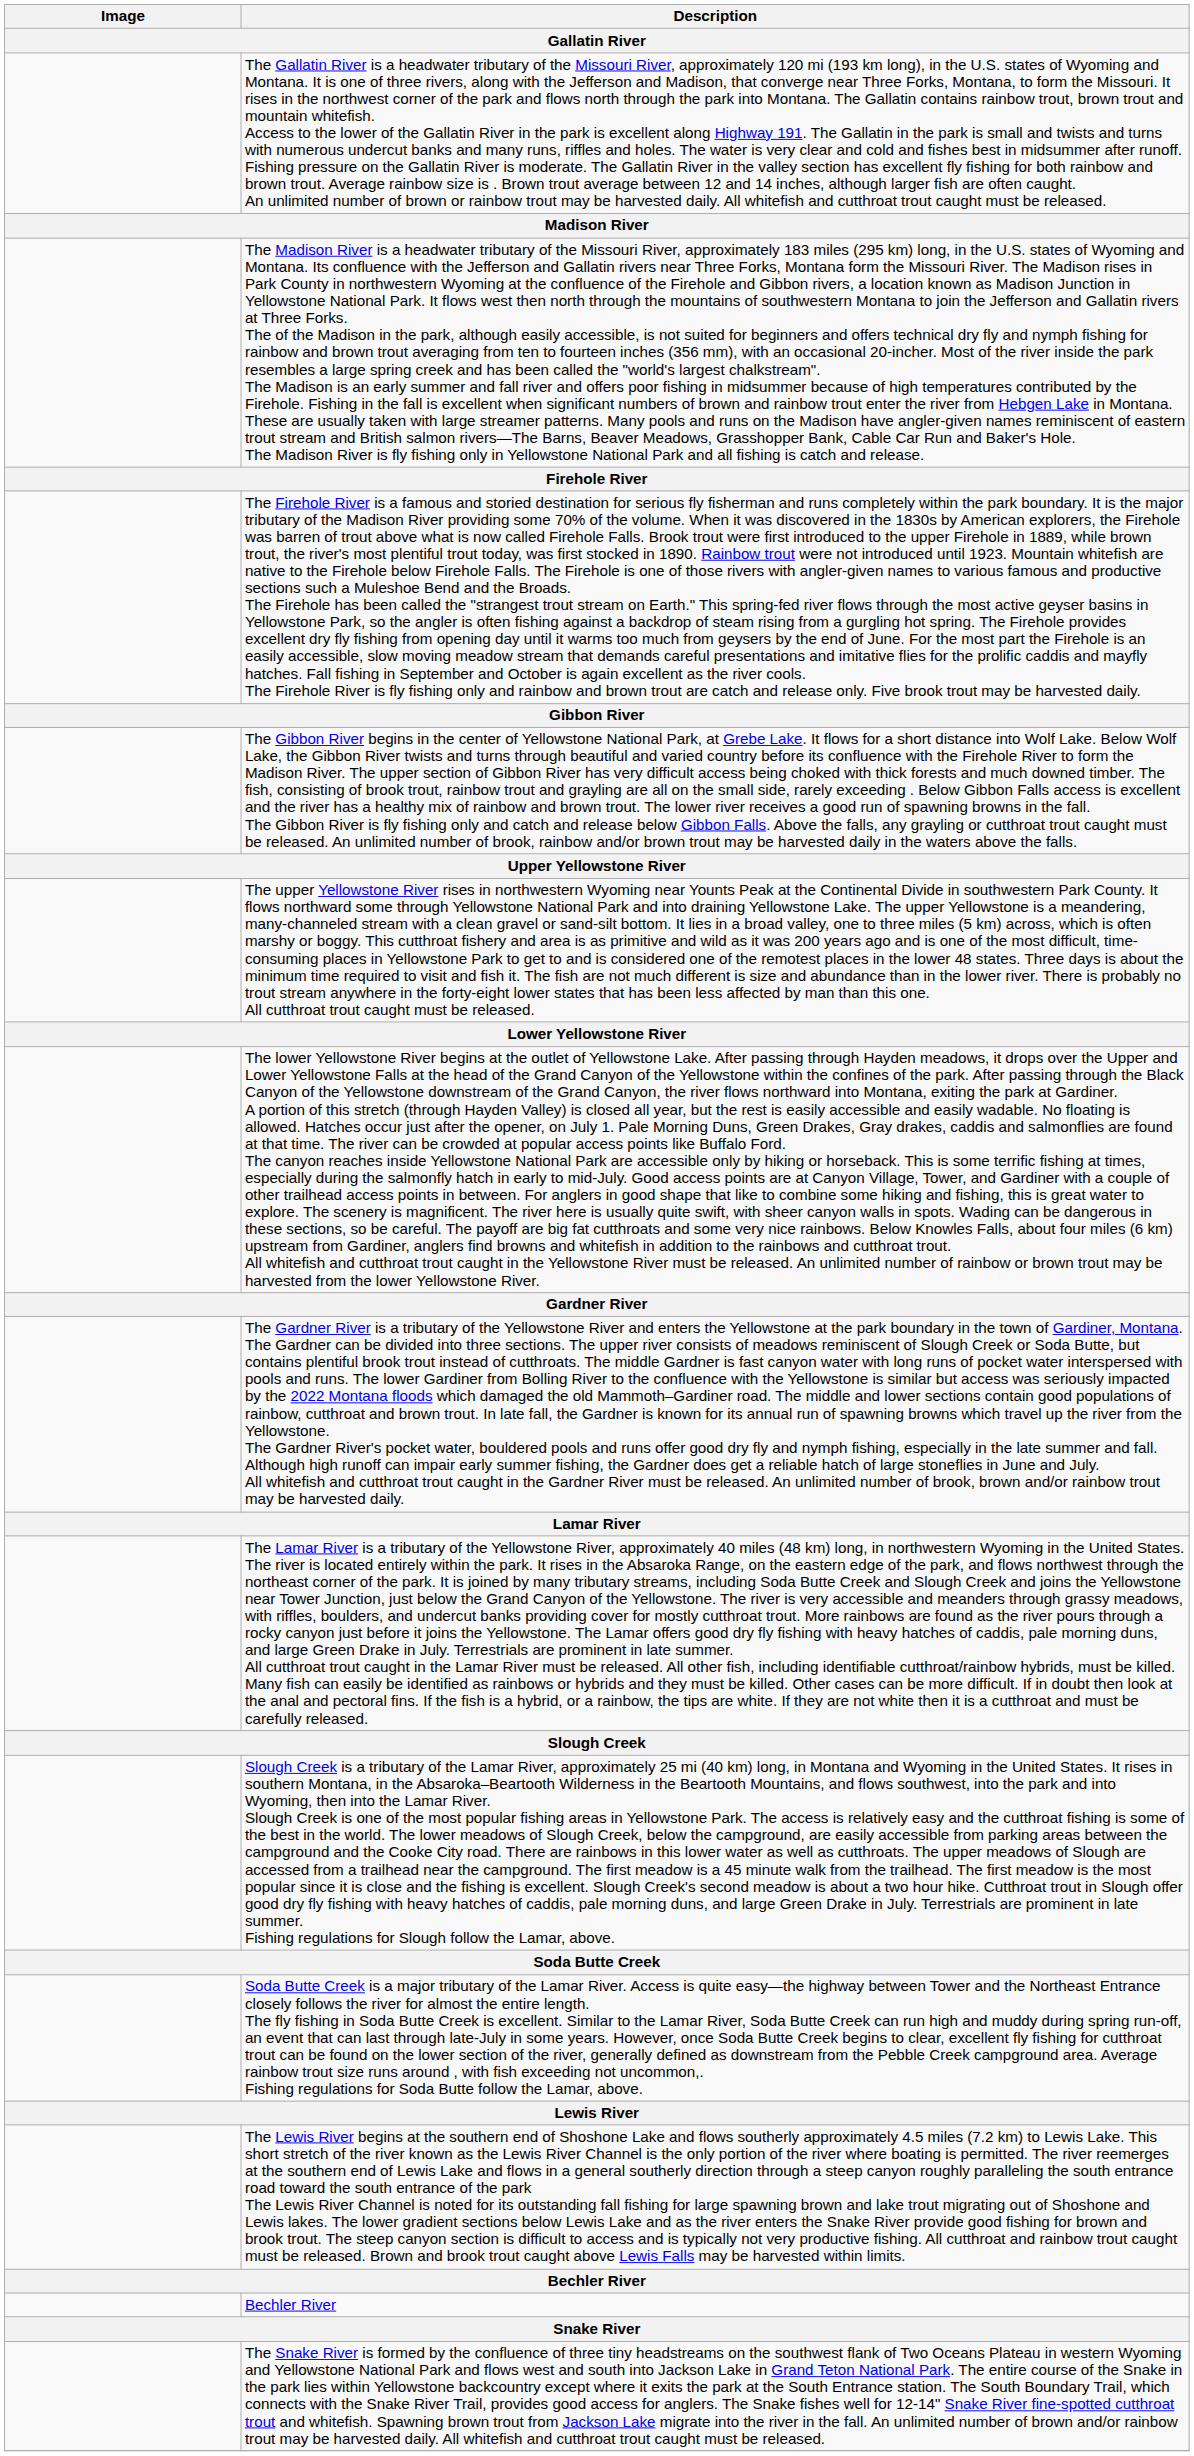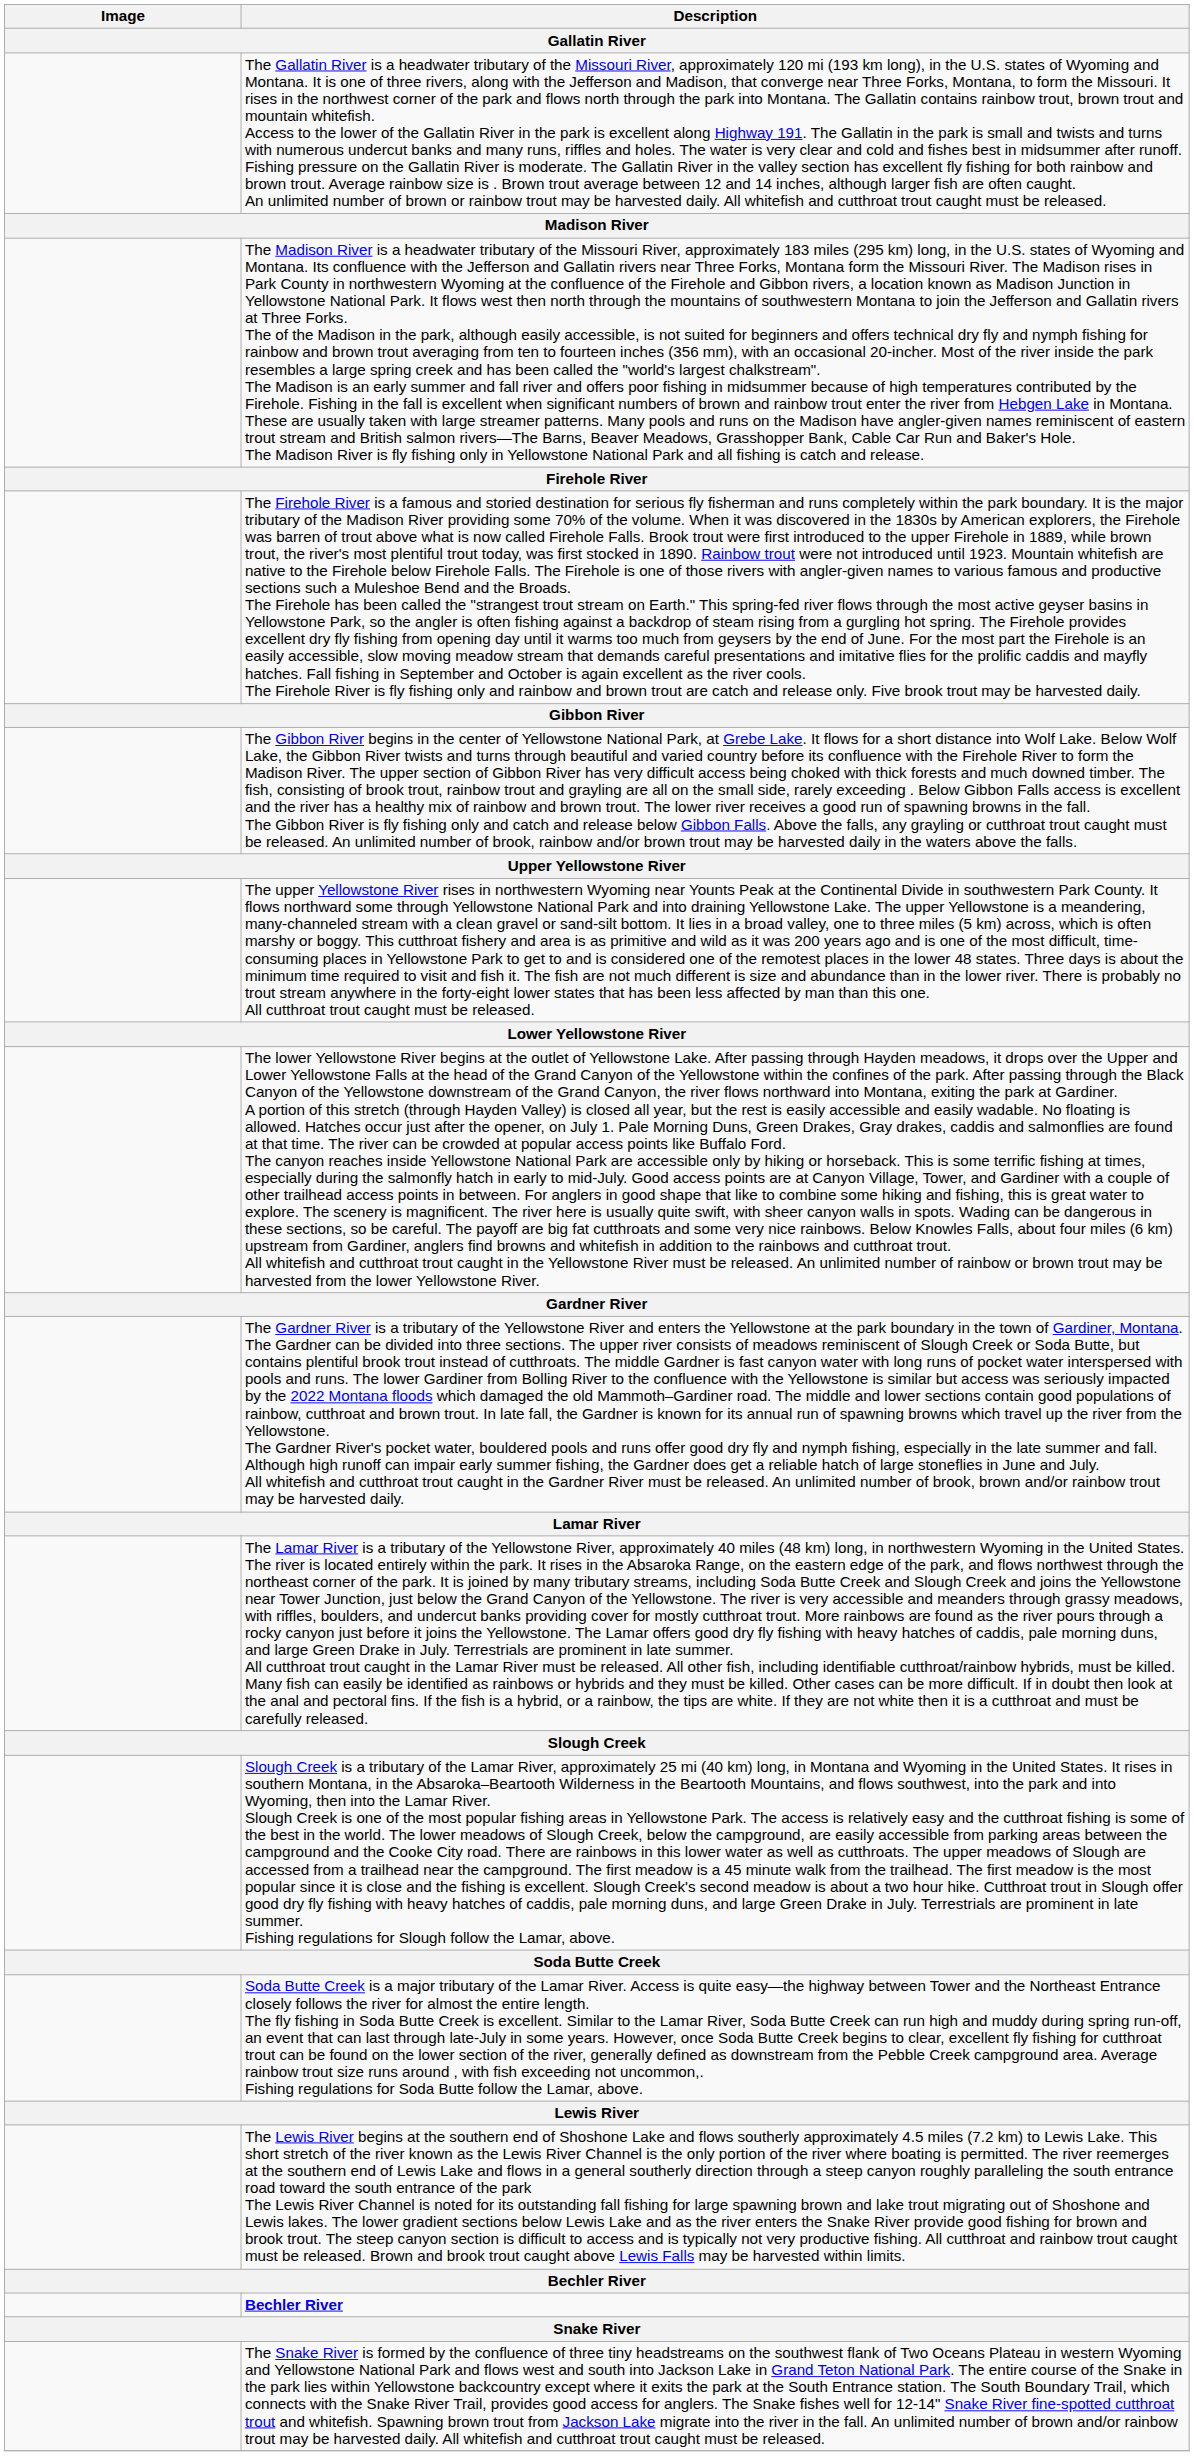 <table class="wikitable"|cellpadding="3">
 <tr>
 <th align="center" width=20%>Image</th>
 <th>Description</th>
 </tr>
 <tr>
 <th colspan=2>Gallatin River  </th>
 </tr>
 <tr>
 <td></td>
 <td>The <a href='#'>Gallatin River</a> is a headwater tributary of the <a href='#'>Missouri River</a>, approximately 120 mi (193 km long), in the U.S. states of Wyoming and Montana. It is one of three rivers, along with the Jefferson and Madison, that converge near Three Forks, Montana, to form the Missouri. It rises in the northwest corner of the park and flows  north through the park into Montana.  The Gallatin contains rainbow trout, brown trout and mountain whitefish.<br>Access to the lower  of the Gallatin River in the park is excellent along <a href='#'>Highway 191</a>. The Gallatin in the park is small and twists and turns with numerous undercut banks and many runs, riffles and holes. The water is very clear and cold and fishes best in midsummer after runoff. Fishing pressure on the Gallatin River is moderate. The Gallatin River in the valley section has excellent fly fishing for both rainbow and brown trout. Average rainbow size is . Brown trout average between 12 and 14 inches, although larger fish are often caught.<br>An unlimited number of brown or rainbow trout may be harvested daily. All whitefish and cutthroat trout caught must be released.</td>
 </tr>
 <tr>
 <th colspan=2>Madison River  </th>
 </tr>
 <tr>
 <td></td>
 <td>The <a href='#'>Madison River</a> is a headwater tributary of the Missouri River, approximately 183 miles (295 km) long, in the U.S. states of Wyoming and Montana. Its confluence with the Jefferson and Gallatin rivers near Three Forks, Montana form the Missouri River. The Madison rises in Park County in northwestern Wyoming at the confluence of the Firehole and Gibbon rivers, a location known as Madison Junction in Yellowstone National Park. It flows west then north through the mountains of southwestern Montana to join the Jefferson and Gallatin rivers at Three Forks.<br>The  of the Madison in the park, although easily accessible, is not suited for beginners and offers technical dry fly and nymph fishing for rainbow and brown trout averaging from ten to fourteen inches (356 mm), with an occasional 20-incher. Most of the river inside the park resembles a large spring creek and has been called the "world's largest chalkstream".<br>The Madison is an early summer and fall river and offers poor fishing in midsummer because of high temperatures contributed by the Firehole. Fishing in the fall is excellent when significant numbers of brown and rainbow trout enter the river from <a href='#'>Hebgen Lake</a> in Montana.  These are usually taken with large streamer patterns.  Many pools and runs on the Madison have angler-given names reminiscent of eastern trout stream and British salmon rivers—The Barns, Beaver Meadows, Grasshopper Bank, Cable Car Run and Baker's Hole.<br>The Madison River is fly fishing only in Yellowstone National Park and all fishing is catch and release.</td>
 </tr>
 <tr>
 <th colspan=2>Firehole River </th>
 </tr>
 <tr>
 <td></td>
 <td>The <a href='#'>Firehole River</a> is a famous and storied destination for serious fly fisherman and runs completely within the park boundary.  It is the major tributary of the Madison River providing some 70% of the volume.  When it was discovered in the 1830s by American explorers, the Firehole was barren of trout above what is now called Firehole Falls.  Brook trout were first introduced to the upper Firehole in 1889, while brown trout, the river's most plentiful trout today, was first stocked in 1890.  <a href='#'>Rainbow trout</a> were not introduced until 1923.  Mountain whitefish are native to the Firehole below Firehole Falls.  The Firehole is one of those rivers with angler-given names to various famous and productive sections such a Muleshoe Bend and the Broads.<br>The Firehole has been called the "strangest trout stream on Earth." This spring-fed river flows through the most active geyser basins in Yellowstone Park, so the angler is often fishing against a backdrop of steam rising from a gurgling hot spring. The Firehole provides excellent dry fly fishing from opening day until it warms too much from geysers by the end of June. For the most part the Firehole is an easily accessible, slow moving meadow stream that demands careful presentations and imitative flies for the prolific caddis and mayfly hatches. Fall fishing in September and October is again excellent as the river cools.<br>The Firehole River is fly fishing only and rainbow and brown trout are catch and release only. Five brook trout may be harvested daily.</td>
 </tr>
 <tr>
 <th colspan=2>Gibbon River  </th>
 </tr>
 <tr>
 <td></td>
 <td>The <a href='#'>Gibbon River</a> begins in the center of Yellowstone National Park, at <a href='#'>Grebe Lake</a>. It flows for a short distance into Wolf Lake. Below Wolf Lake, the Gibbon River twists and turns through beautiful and varied country before its confluence with the Firehole River to form the Madison River.  The upper section of Gibbon River has very difficult access being choked with thick forests and much downed timber. The fish, consisting of brook trout, rainbow trout and grayling are all on the small side, rarely exceeding . Below Gibbon Falls access is excellent and the river has a healthy mix of rainbow and brown trout. The lower river receives a good run of spawning browns in the fall.<br>The Gibbon River is fly fishing only and catch and release below <a href='#'>Gibbon Falls</a>. Above the falls, any grayling or cutthroat trout caught must be released. An unlimited number of brook, rainbow and/or brown trout may be harvested daily in the waters above the falls.</td>
 </tr>
 <tr>
 <th colspan=2>Upper Yellowstone River  </th>
 </tr>
 <tr>
 <td></td>
 <td>The upper <a href='#'>Yellowstone River</a> rises in northwestern Wyoming near Younts Peak at the Continental Divide in southwestern Park County. It flows northward some  through Yellowstone National Park and into draining Yellowstone Lake. The upper Yellowstone is a meandering, many-channeled stream with a clean gravel or sand-silt bottom. It lies in a broad valley, one to three miles (5 km) across, which is often marshy or boggy.  This cutthroat fishery and area is as primitive and wild as it was 200 years ago and is one of the most difficult, time-consuming places in Yellowstone Park to get to and is considered one of the remotest places in the lower 48 states.  Three days is about the minimum time required to visit and fish it. The fish are not much different is size and abundance than in the lower river. There is probably no trout stream anywhere in the forty-eight lower states that has been less affected by man than this one.<br>All cutthroat trout caught must be released.</td>
 </tr>
 <tr>
 <th colspan=2>Lower Yellowstone River  </th>
 </tr>
 <tr>
 <td></td>
 <td>The lower Yellowstone River begins at the outlet of Yellowstone Lake.  After passing through Hayden meadows, it drops over the Upper and Lower Yellowstone Falls at the head of the Grand Canyon of the Yellowstone within the confines of the park. After passing through the Black Canyon of the Yellowstone downstream of the Grand Canyon, the river flows northward into Montana, exiting the park at Gardiner.<br>A portion of this stretch (through Hayden Valley) is closed all year, but the rest is easily accessible and easily wadable. No floating is allowed. Hatches occur just after the opener, on July 1. Pale Morning Duns, Green Drakes, Gray drakes, caddis and salmonflies are found at that time. The river can be crowded at popular access points like Buffalo Ford.<br>The canyon reaches inside Yellowstone National Park are accessible only by hiking or horseback. This is some terrific  fishing at times, especially during the salmonfly hatch in early to mid-July. Good access points are at Canyon Village, Tower, and Gardiner with a couple of other trailhead access points in between. For anglers in good shape that like to combine some hiking and fishing, this is great water to explore. The scenery is magnificent. The river here is usually quite swift, with sheer canyon walls in spots. Wading can be dangerous in these sections, so be careful. The payoff are big fat cutthroats and some very nice rainbows. Below Knowles Falls, about four miles (6 km) upstream from Gardiner, anglers find browns and whitefish in addition to the rainbows and cutthroat trout.<br>All whitefish and cutthroat trout caught in the Yellowstone River must be released. An unlimited number of rainbow or brown trout may be harvested from the lower Yellowstone River.</td>
 </tr>
 <tr>
 <th colspan=2>Gardner River  </th>
 </tr>
 <tr>
 <td></td>
 <td>The <a href='#'>Gardner River</a> is a tributary of the Yellowstone River and enters the Yellowstone at the park boundary in the town of <a href='#'>Gardiner, Montana</a>. The Gardner can be divided into three sections.  The upper river consists of meadows reminiscent of Slough Creek or Soda Butte, but contains plentiful brook trout instead of cutthroats. The middle Gardner is fast canyon water with long runs of pocket water interspersed with pools and runs. The lower Gardiner from Bolling River to the confluence with the Yellowstone is similar but access was seriously impacted by the <a href='#'>2022 Montana floods</a> which damaged the old Mammoth–Gardiner road.  The middle and lower sections contain good populations of rainbow, cutthroat and brown trout. In late fall, the Gardner is known for its annual run of spawning browns which travel up the river from the Yellowstone.<br>The Gardner River's pocket water, bouldered pools and runs offer good dry fly and nymph fishing, especially in the late summer and fall.  Although high runoff can impair early summer fishing, the Gardner does get a reliable hatch of large stoneflies in June and July.<br>All whitefish and cutthroat trout caught in the Gardner River must be released.  An unlimited number of brook, brown and/or rainbow trout may be harvested daily.</td>
 </tr>
 <tr>
 <th colspan=2>Lamar River  </th>
 </tr>
 <tr>
 <td></td>
 <td>The <a href='#'>Lamar River</a> is a tributary of the Yellowstone River, approximately 40 miles (48 km) long, in northwestern Wyoming in the United States. The river is located entirely within the park.  It rises in the Absaroka Range, on the eastern edge of the park, and flows northwest through the northeast corner of the park. It is joined by many tributary streams, including Soda Butte Creek and Slough Creek and joins the Yellowstone near Tower Junction, just below the Grand Canyon of the Yellowstone. The river is very accessible and meanders through grassy meadows, with riffles, boulders, and undercut banks providing cover for mostly cutthroat trout. More rainbows are found as the river pours through a rocky canyon just before it joins the Yellowstone.  The Lamar offers good dry fly fishing with heavy hatches of caddis, pale morning duns, and large Green Drake in July. Terrestrials are prominent in late summer.<br>All cutthroat trout caught in the Lamar River must be released.  All other fish, including identifiable cutthroat/rainbow hybrids, must be killed. Many fish can easily be identified as rainbows or hybrids and they must be killed. Other cases can be more difficult. If in doubt then look at the anal and pectoral fins. If the fish is a hybrid, or a rainbow, the tips are white. If they are not white then it is a cutthroat and must be carefully released.</td>
 </tr>
 <tr>
 <th colspan=2>Slough Creek </th>
 </tr>
 <tr>
 <td></td>
 <td><a href='#'>Slough Creek</a> is a tributary of the Lamar River, approximately 25 mi (40 km) long, in Montana and Wyoming in the United States. It rises in southern Montana, in the Absaroka–Beartooth Wilderness in the Beartooth Mountains, and flows southwest, into the park and into Wyoming, then into the Lamar River.<br>Slough Creek is one of the most popular fishing areas in Yellowstone Park. The access is relatively easy and the cutthroat fishing is some of the best in the world. The lower meadows of Slough Creek, below the campground, are easily accessible from parking areas between the campground and the Cooke City road. There are rainbows in this lower water as well as cutthroats. The upper meadows of Slough are accessed from a trailhead near the campground. The first meadow is a 45 minute walk from the trailhead. The first meadow is the most popular since it is close and the fishing is excellent. Slough Creek's second meadow is about a two hour hike. Cutthroat trout in Slough offer good dry fly fishing with heavy hatches of caddis, pale morning duns, and large Green Drake in July. Terrestrials are prominent in late summer.<br>Fishing regulations for Slough follow the Lamar, above.</td>
 </tr>
 <tr>
 <th colspan=2>Soda Butte Creek  </th>
 </tr>
 <tr>
 <td></td>
 <td><a href='#'>Soda Butte Creek</a> is a major tributary of the Lamar River.  Access is quite easy—the highway between Tower and the Northeast Entrance closely follows the river for almost the entire length.<br>The fly fishing in Soda Butte Creek is excellent. Similar to the Lamar River, Soda Butte Creek can run high and muddy during spring run-off, an event that can last through late-July in some years. However, once Soda Butte Creek begins to clear, excellent fly fishing for cutthroat trout can be found on the lower section of the river, generally defined as downstream from the Pebble Creek campground area. Average rainbow trout size runs around , with fish exceeding  not uncommon,.<br>Fishing regulations for Soda Butte follow the Lamar, above.</td>
 </tr>
 <tr>
 <th colspan=2>Lewis River </th>
 </tr>
 <tr>
 <td></td>
 <td>The <a href='#'>Lewis River</a> begins at the southern end of Shoshone Lake and flows southerly approximately 4.5 miles (7.2 km) to Lewis Lake. This short stretch of the river known as the Lewis River Channel is the only portion of the river where boating is permitted. The river reemerges at the southern end of Lewis Lake and flows in a general southerly direction through a steep canyon roughly paralleling the south entrance road toward the south entrance of the park<br>The Lewis River Channel is noted for its outstanding fall fishing for large spawning brown and lake trout migrating out of Shoshone and Lewis lakes. The lower gradient sections below Lewis Lake and as the river enters the Snake River provide good fishing for brown and brook trout.  The steep canyon section is difficult to access and is typically not very productive fishing. All cutthroat and rainbow trout caught must be released.  Brown and brook trout caught above <a href='#'>Lewis Falls</a> may be harvested within limits.</td>
 </tr>
 <tr>
 <th colspan=2>Bechler River</th>
 </tr>
 <tr>
 <td></td>
-<td><a href='#'>Bechler River</a></td>
+<td><strong><a href='#'>Bechler River</a></strong></td>
 </tr>
 <tr>
 <th colspan=2>Snake River </th>
 </tr>
 <tr>
 <td></td>
 <td>The <a href='#'>Snake River</a> is formed by the confluence of three tiny headstreams on the southwest flank of Two Oceans Plateau in western Wyoming and Yellowstone National Park and flows west and south into Jackson Lake in <a href='#'>Grand Teton National Park</a>.  The entire course of the Snake in the park lies within Yellowstone backcountry except where it exits the park at the South Entrance station. The South Boundary Trail, which connects with the Snake River Trail, provides good access for anglers.  The Snake fishes well for 12-14" <a href='#'>Snake River fine-spotted cutthroat trout</a> and whitefish.  Spawning brown trout from <a href='#'>Jackson Lake</a> migrate into the river in the fall. An unlimited number of brown and/or rainbow trout may be harvested daily.  All whitefish and cutthroat trout caught must be released.</td>
 </tr>
 <tr>
 </tr>
 </table>
